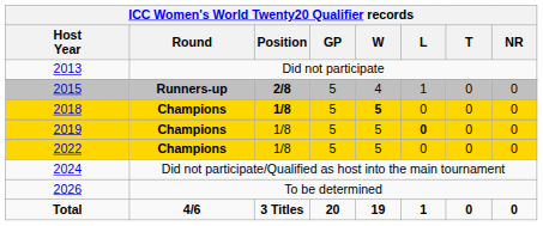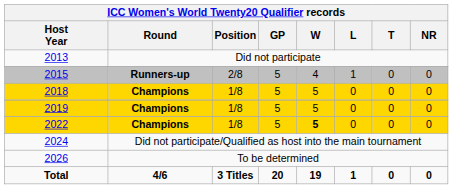 <table class="wikitable" style="text-align: center; width=900px;">
 <tr>
 <th colspan=9><a href='#'>ICC Women's World Twenty20 Qualifier</a> records</th>
 </tr>
 <tr>
 <th width=150>Host<br>Year</th>
 <th width=150>Round</th>
 <th width=50>Position</th>
 <th width=50>GP</th>
 <th width=50>W</th>
 <th width=50>L</th>
 <th width=50>T</th>
 <th width=50>NR</th>
 </tr>
 <tr>
 <td> <a href='#'>2013</a></td>
 <td colspan=8>Did not participate</td>
 </tr>
 <tr>
 </tr>
 <tr bgcolor=silver>
 <td> <a href='#'>2015</a></td>
 <td><strong>Runners-up</strong></td>
-<td><strong>2/8</strong></td>
+<td>2/8</td>
 <td>5</td>
 <td>4</td>
 <td>1</td>
 <td>0</td>
 <td>0</td>
 </tr>
 <tr bgcolor=gold>
 <td> <a href='#'>2018</a></td>
 <td><strong>Champions</strong></td>
-<td><strong>1/8</strong></td>
+<td>1/8</td>
 <td>5</td>
-<td><strong>5</strong></td>
+<td>5</td>
 <td>0</td>
 <td>0</td>
 <td>0</td>
 </tr>
 <tr>
 </tr>
 <tr bgcolor=gold>
 <td> <a href='#'>2019</a></td>
 <td><strong>Champions</strong></td>
 <td>1/8</td>
 <td>5</td>
 <td>5</td>
-<td><strong>0</strong></td>
+<td>0</td>
 <td>0</td>
 <td>0</td>
 </tr>
 <tr>
 </tr>
 <tr bgcolor=gold>
 <td> <a href='#'>2022</a></td>
 <td><strong>Champions</strong></td>
 <td>1/8</td>
 <td>5</td>
-<td>5</td>
+<td><strong>5</strong></td>
 <td>0</td>
 <td>0</td>
 <td>0</td>
 </tr>
 <tr>
 <td> <a href='#'>2024</a></td>
 <td colspan=8>Did not participate/Qualified as host into the main tournament</td>
 </tr>
 <tr>
 <td> <a href='#'>2026</a></td>
 <td colspan=8>To be determined</td>
 </tr>
 <tr>
 <td><strong>Total</strong></td>
 <td><strong>4/6</strong></td>
 <td><strong>3 Titles</strong></td>
 <td><strong>20</strong></td>
 <td><strong>19</strong></td>
 <td><strong>1</strong></td>
 <td><strong>0</strong></td>
 <td><strong>0</strong></td>
 </tr>
 </table>
